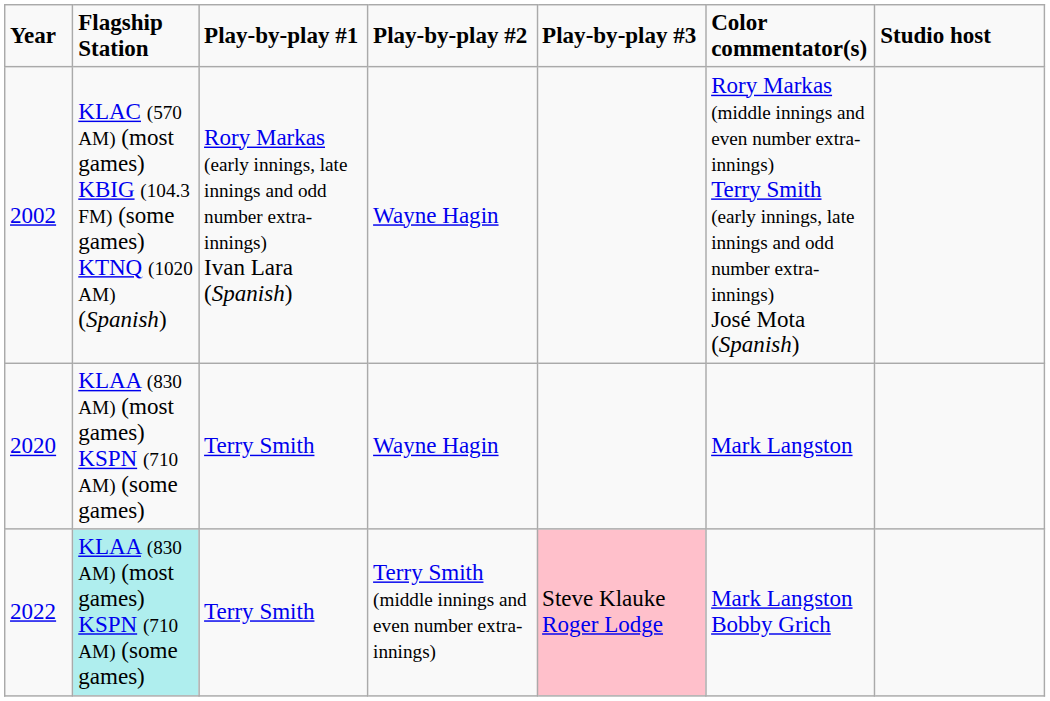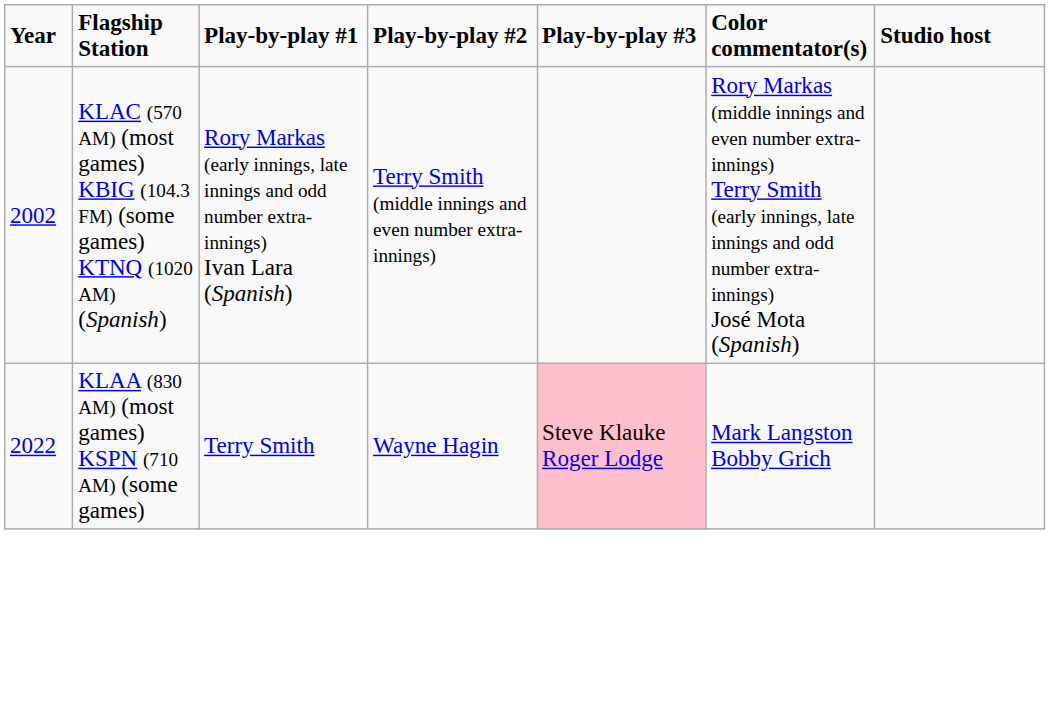 <table class="wikitable">
 <tr>
 <td width="40"><strong>Year</strong></td>
 <td width="80"><strong>Flagship Station</strong></td>
 <td width="110"><strong>Play-by-play #1</strong></td>
 <td width="110"><strong>Play-by-play #2</strong></td>
 <td width="110"><strong>Play-by-play #3</strong></td>
 <td width="110"><strong>Color commentator(s)</strong></td>
 <td width="110"><strong>Studio host</strong></td>
 </tr>
 <tr>
 <td><a href='#'>2002</a></td>
 <td><a href='#'>KLAC</a> <small>(570 AM)</small> (most games)<br><a href='#'>KBIG</a> <small>(104.3 FM)</small> (some games)<br><a href='#'>KTNQ</a> <small>(1020 AM)</small> (<em>Spanish</em>)</td>
 <td><a href='#'>Rory Markas</a> <small>(early innings, late innings and odd number extra-innings)</small><br>Ivan Lara (<em>Spanish</em>)</td>
-<td><a href='#'>Wayne Hagin</a></td>
+<td><a href='#'>Terry Smith</a> <small>(middle innings and even number extra-innings)</small></td>
 <td></td>
 <td><a href='#'>Rory Markas</a> <small>(middle innings and even number extra-innings)</small><br><a href='#'>Terry Smith</a> <small>(early innings, late innings and odd number extra-innings)</small><br>José Mota (<em>Spanish</em>)</td>
 <td></td>
 </tr>
 <tr>
-<td><a href='#'>2020</a></td>
+<td><a href='#'>2022</a></td>
 <td><a href='#'>KLAA</a> <small>(830 AM)</small> (most games)<br><a href='#'>KSPN</a> <small>(710 AM)</small> (some games)</td>
 <td><a href='#'>Terry Smith</a></td>
 <td><a href='#'>Wayne Hagin</a></td>
-<td></td>
-<td><a href='#'>Mark Langston</a></td>
-<td></td>
-</tr>
-<tr>
-<td><a href='#'>2022</a></td>
-<td style="background: paleturquoise;"><a href='#'>KLAA</a> <small>(830 AM)</small> (most games)<br><a href='#'>KSPN</a> <small>(710 AM)</small> (some games)</td>
-<td><a href='#'>Terry Smith</a></td>
-<td><a href='#'>Terry Smith</a> <small>(middle innings and even number extra-innings)</small></td>
 <td style="background: pink;">Steve Klauke<br><a href='#'>Roger Lodge</a></td>
 <td><a href='#'>Mark Langston</a><br><a href='#'>Bobby Grich</a></td>
 <td></td>
 </tr>
 </table>
